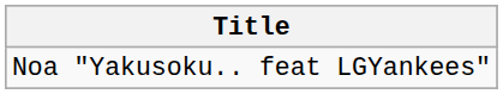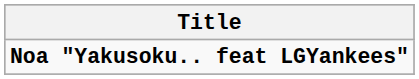 <table class="wikitable">
 <tr>
 <th>Title</th>
 </tr>
 <tr>
-<td>Noa "Yakusoku.. feat LGYankees"</td>
+<td><strong>Noa "Yakusoku.. feat LGYankees"</strong></td>
 </tr>
 </table>
